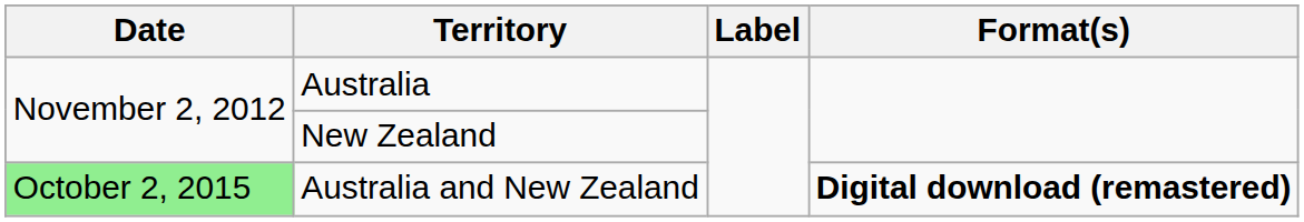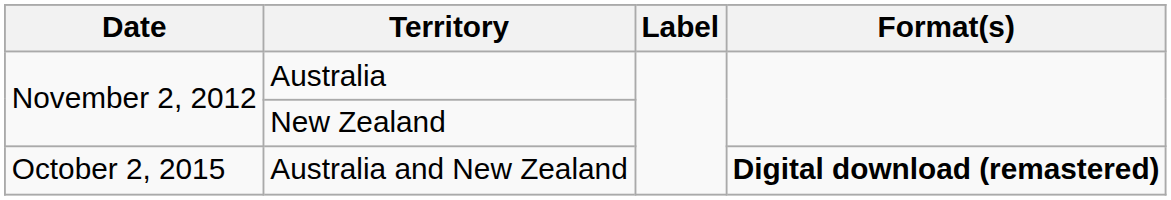 <table class="wikitable">
 <tr>
 <th scope="col">Date</th>
 <th scope="col">Territory</th>
 <th scope="col">Label</th>
 <th scope="col">Format(s)</th>
 </tr>
 <tr>
 <td rowspan="2">November 2, 2012</td>
 <td>Australia</td>
 <td ROWSPAN="3"></td>
 <td ROWSPAN="2"></td>
 </tr>
 <tr>
 <td>New Zealand</td>
 </tr>
 <tr>
-<td style="background: lightgreen;">October 2, 2015</td>
+<td>October 2, 2015</td>
 <td>Australia and New Zealand</td>
 <td><strong>Digital download (remastered)</strong></td>
 </tr>
 </table>
